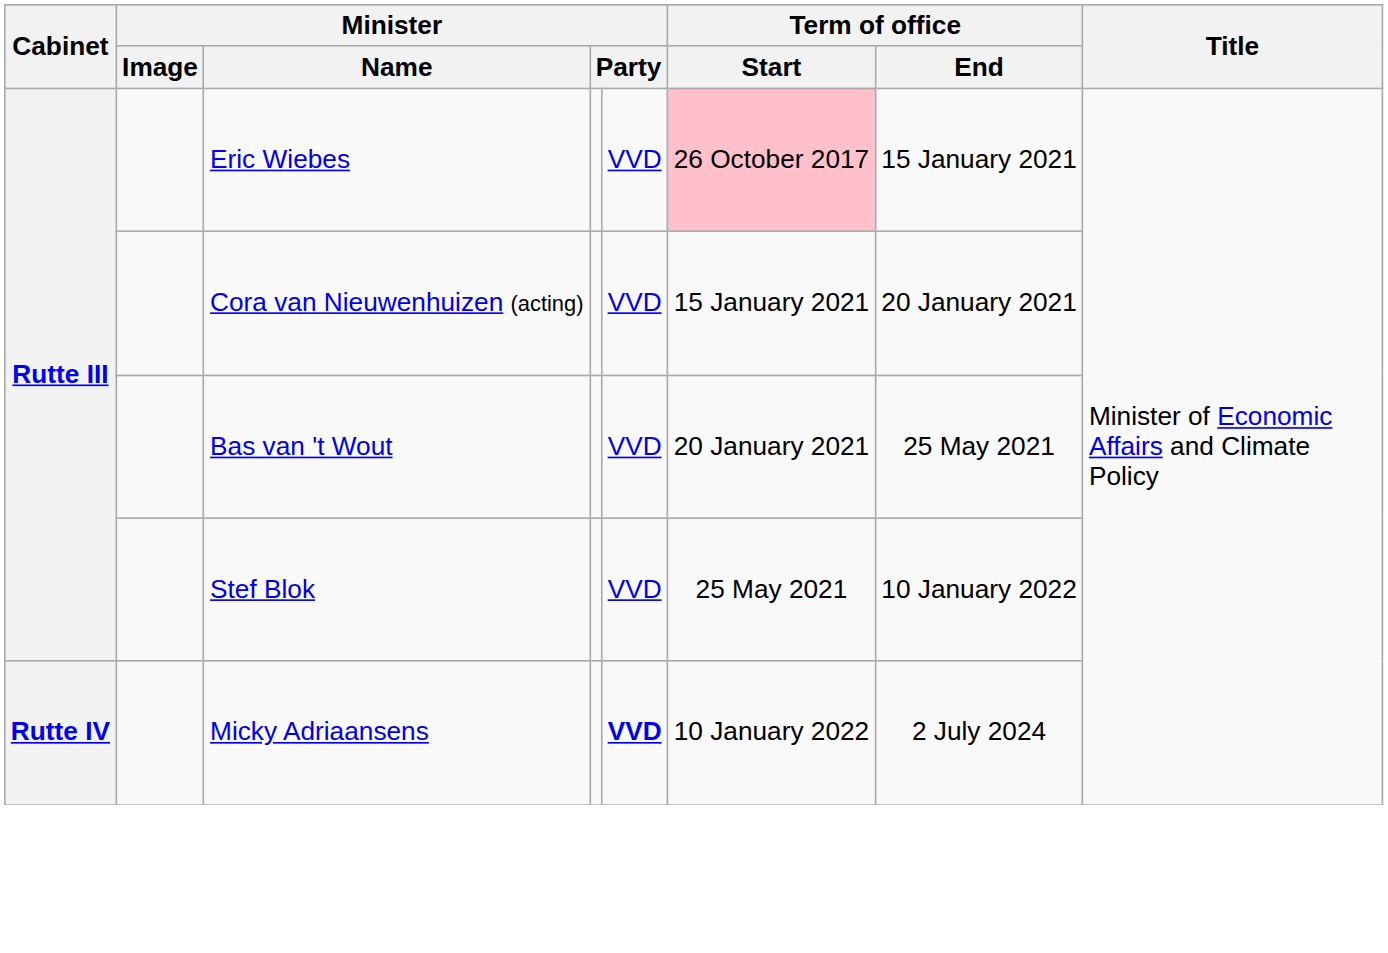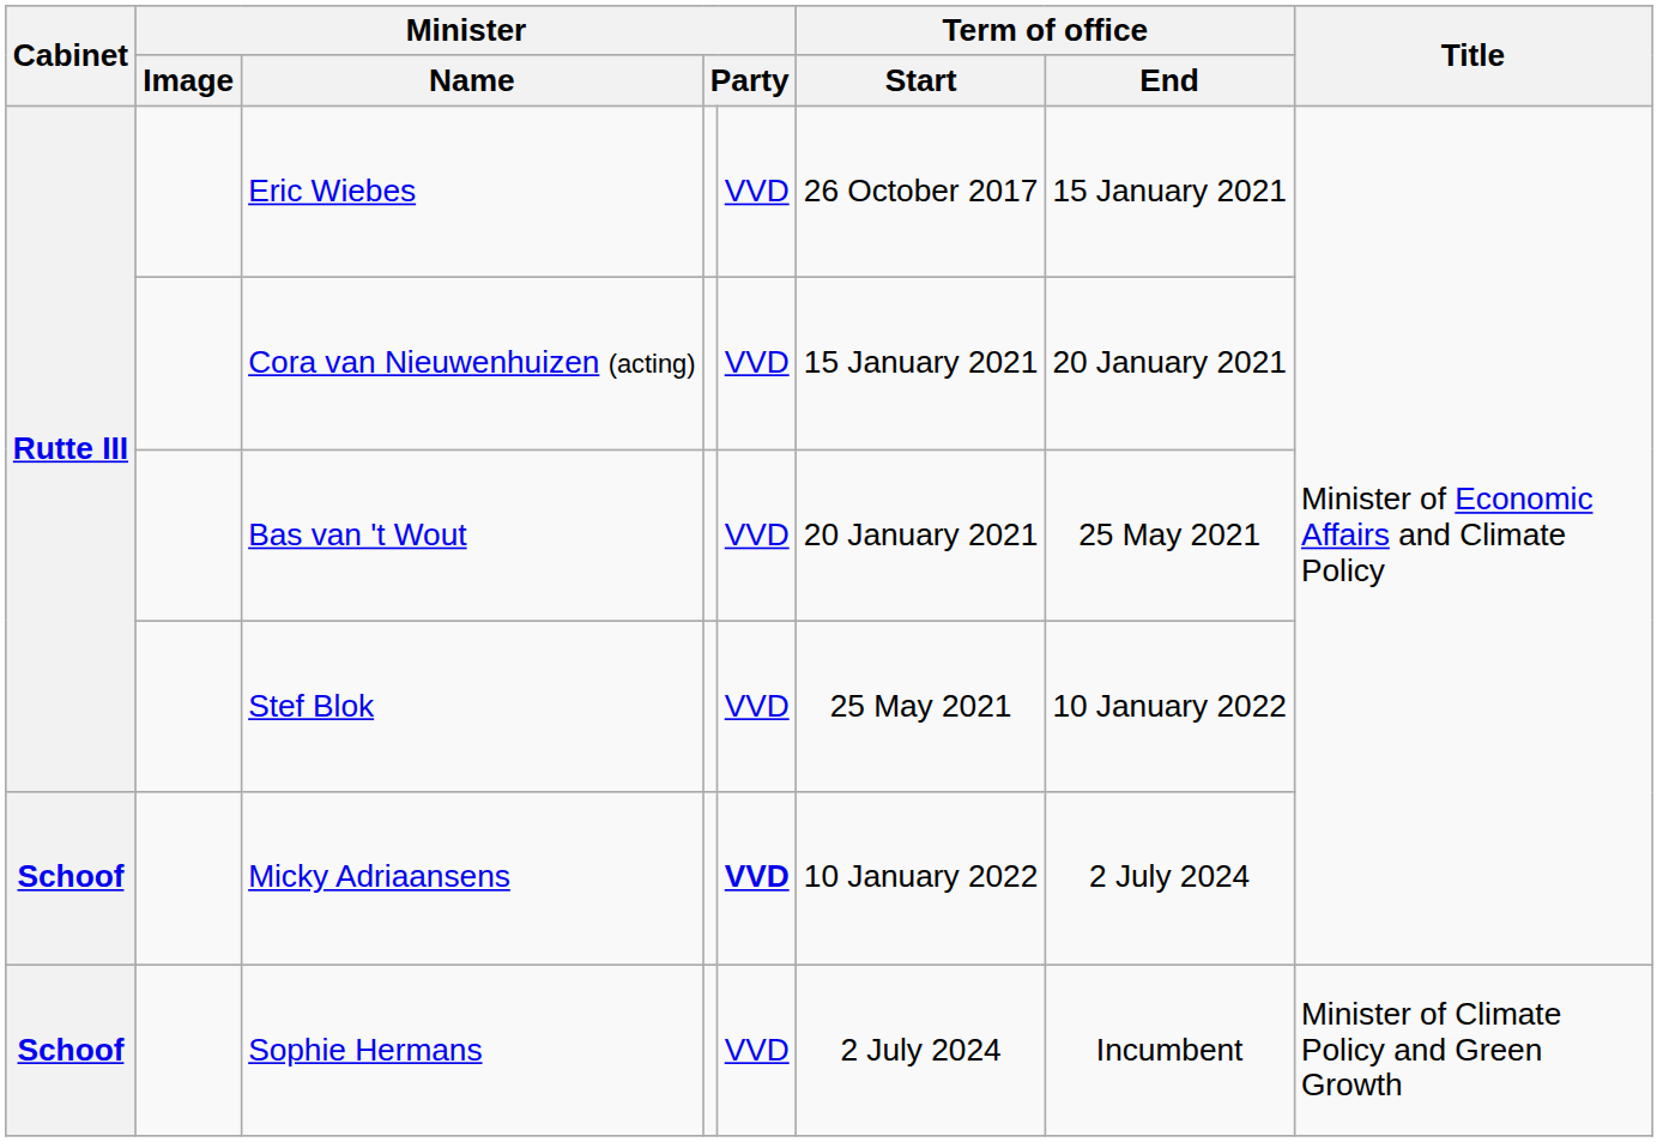 <table class="wikitable plainrowheaders">
 <tr>
 <th rowspan="2">Cabinet</th>
 <th colspan="4">Minister</th>
 <th colspan="2">Term of office</th>
 <th rowspan="2" width="175px">Title</th>
 </tr>
 <tr>
 <th width="1px">Image</th>
 <th>Name</th>
 <th colspan="2">Party</th>
 <th>Start</th>
 <th>End</th>
 </tr>
 <tr>
 <th scope="row" rowspan="4"><a href='#'>Rutte III</a></th>
 <td height="80x"></td>
 <td><a href='#'>Eric Wiebes</a></td>
 <td style="background:"></td>
 <td style="text-align:center"><a href='#'>VVD</a></td>
-<td style="background: pink;">26 October 2017</td>
+<td>26 October 2017</td>
 <td>15 January 2021</td>
 <td rowspan="5">Minister of <a href='#'>Economic Affairs</a> and Climate Policy</td>
 </tr>
 <tr>
 <td height="80x"></td>
 <td><a href='#'>Cora van Nieuwenhuizen</a> <small>(acting)</small></td>
 <td style="background:"></td>
 <td style="text-align:center"><a href='#'>VVD</a></td>
 <td style="text-align:center">15 January 2021</td>
 <td style="text-align:center">20 January 2021</td>
 </tr>
 <tr>
 <td height="80x"></td>
 <td><a href='#'>Bas van 't Wout</a></td>
 <td style="background:"></td>
 <td style="text-align:center"><a href='#'>VVD</a></td>
 <td style="text-align:center">20 January 2021</td>
 <td style="text-align:center">25 May 2021</td>
 </tr>
 <tr>
 <td height="80x"></td>
 <td><a href='#'>Stef Blok</a></td>
 <td style="background:"></td>
 <td style="text-align:center"><a href='#'>VVD</a></td>
 <td style="text-align:center">25 May 2021</td>
 <td style="text-align:center">10 January 2022</td>
 </tr>
 <tr>
-<th scope="row"><a href='#'>Rutte IV</a></th>
+<th scope="row"><a href='#'>Schoof</a></th>
 <td height="80x"></td>
 <td><a href='#'>Micky Adriaansens</a></td>
 <td style="background:"></td>
 <td style="text-align:center"><strong><a href='#'>VVD</a></strong></td>
 <td style="text-align:center">10 January 2022</td>
 <td style="text-align:center">2 July 2024</td>
 </tr>
+<tr>
+<th scope="row"><a href='#'>Schoof</a></th>
+<td height="80x"></td>
+<td><a href='#'>Sophie Hermans</a></td>
+<td style="background:"></td>
+<td style="text-align:center"><a href='#'>VVD</a></td>
+<td style="text-align:center">2 July 2024</td>
+<td style="text-align:center">Incumbent</td>
+<td>Minister of Climate Policy and Green Growth</td>
+</tr>
 </table>
